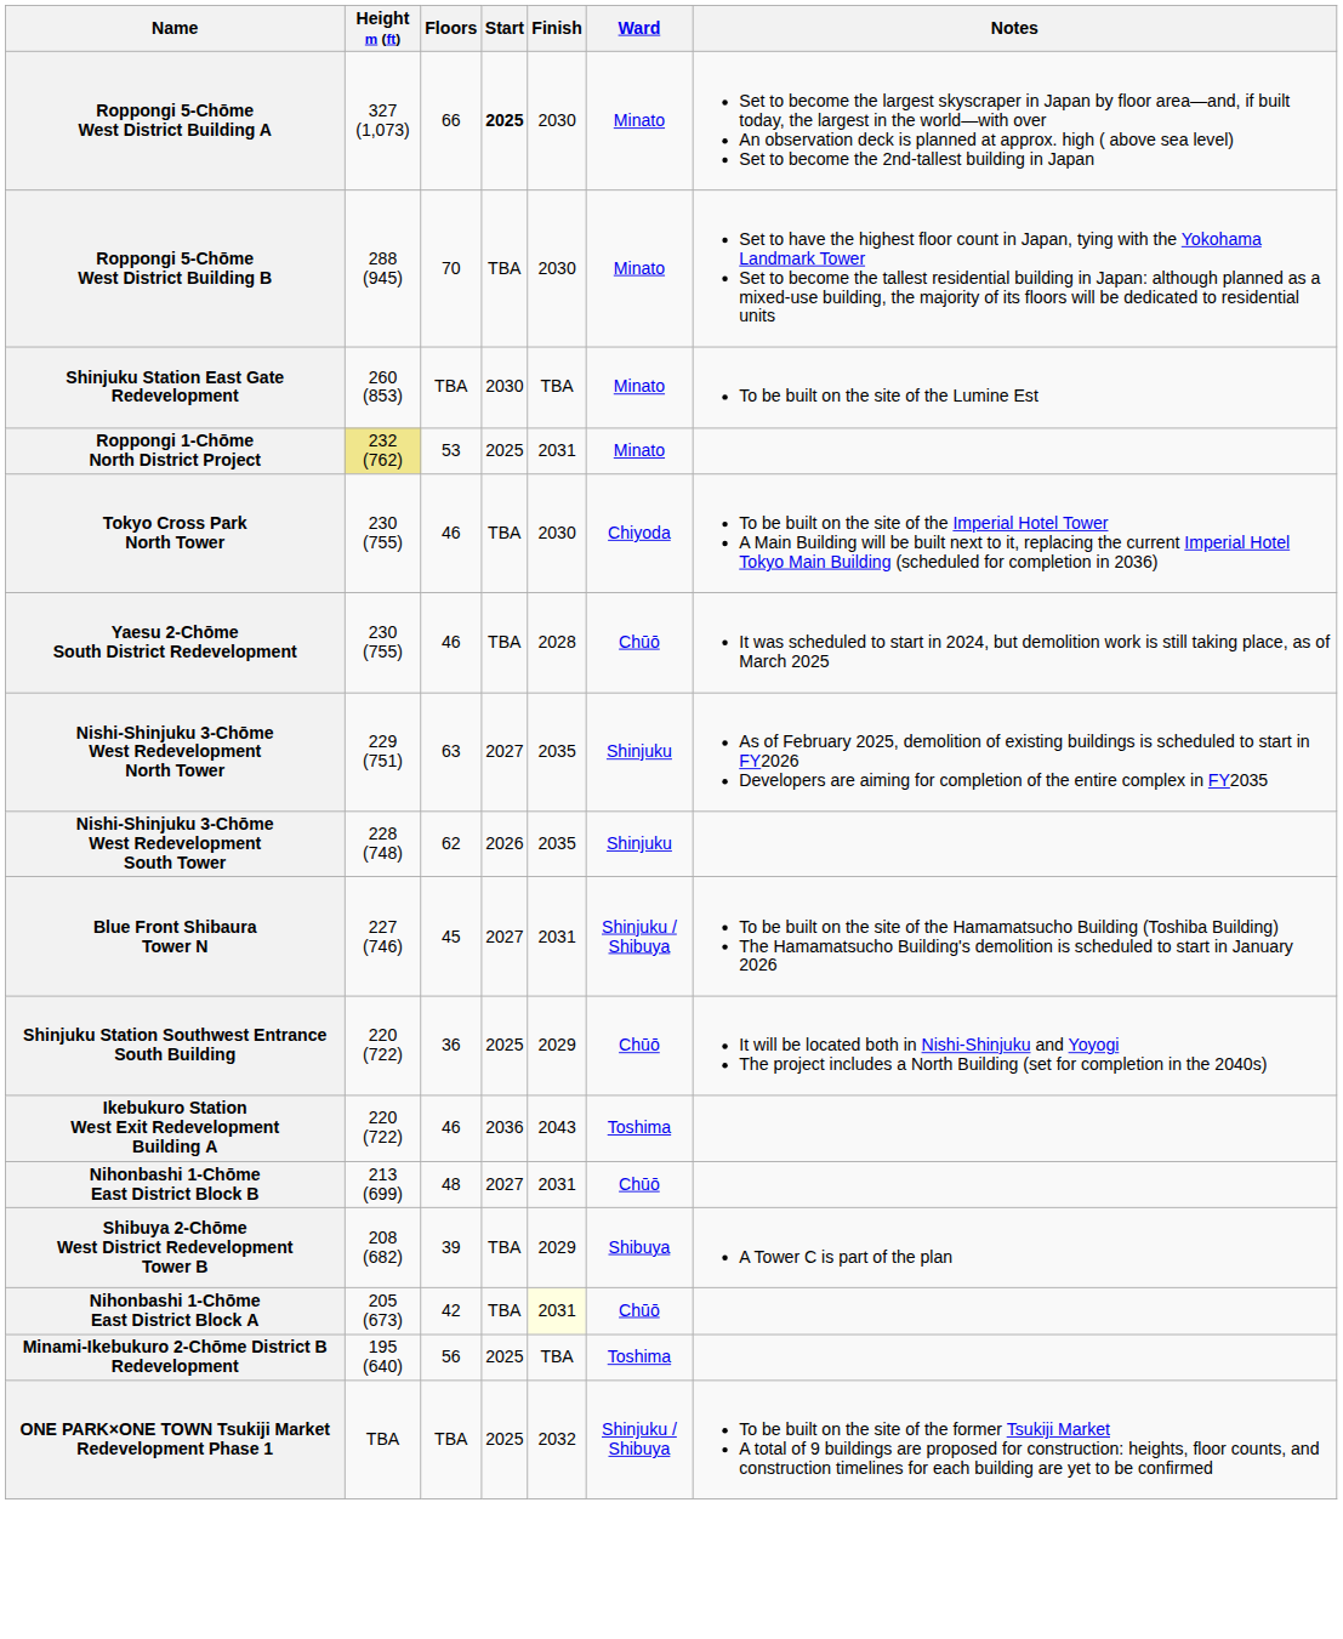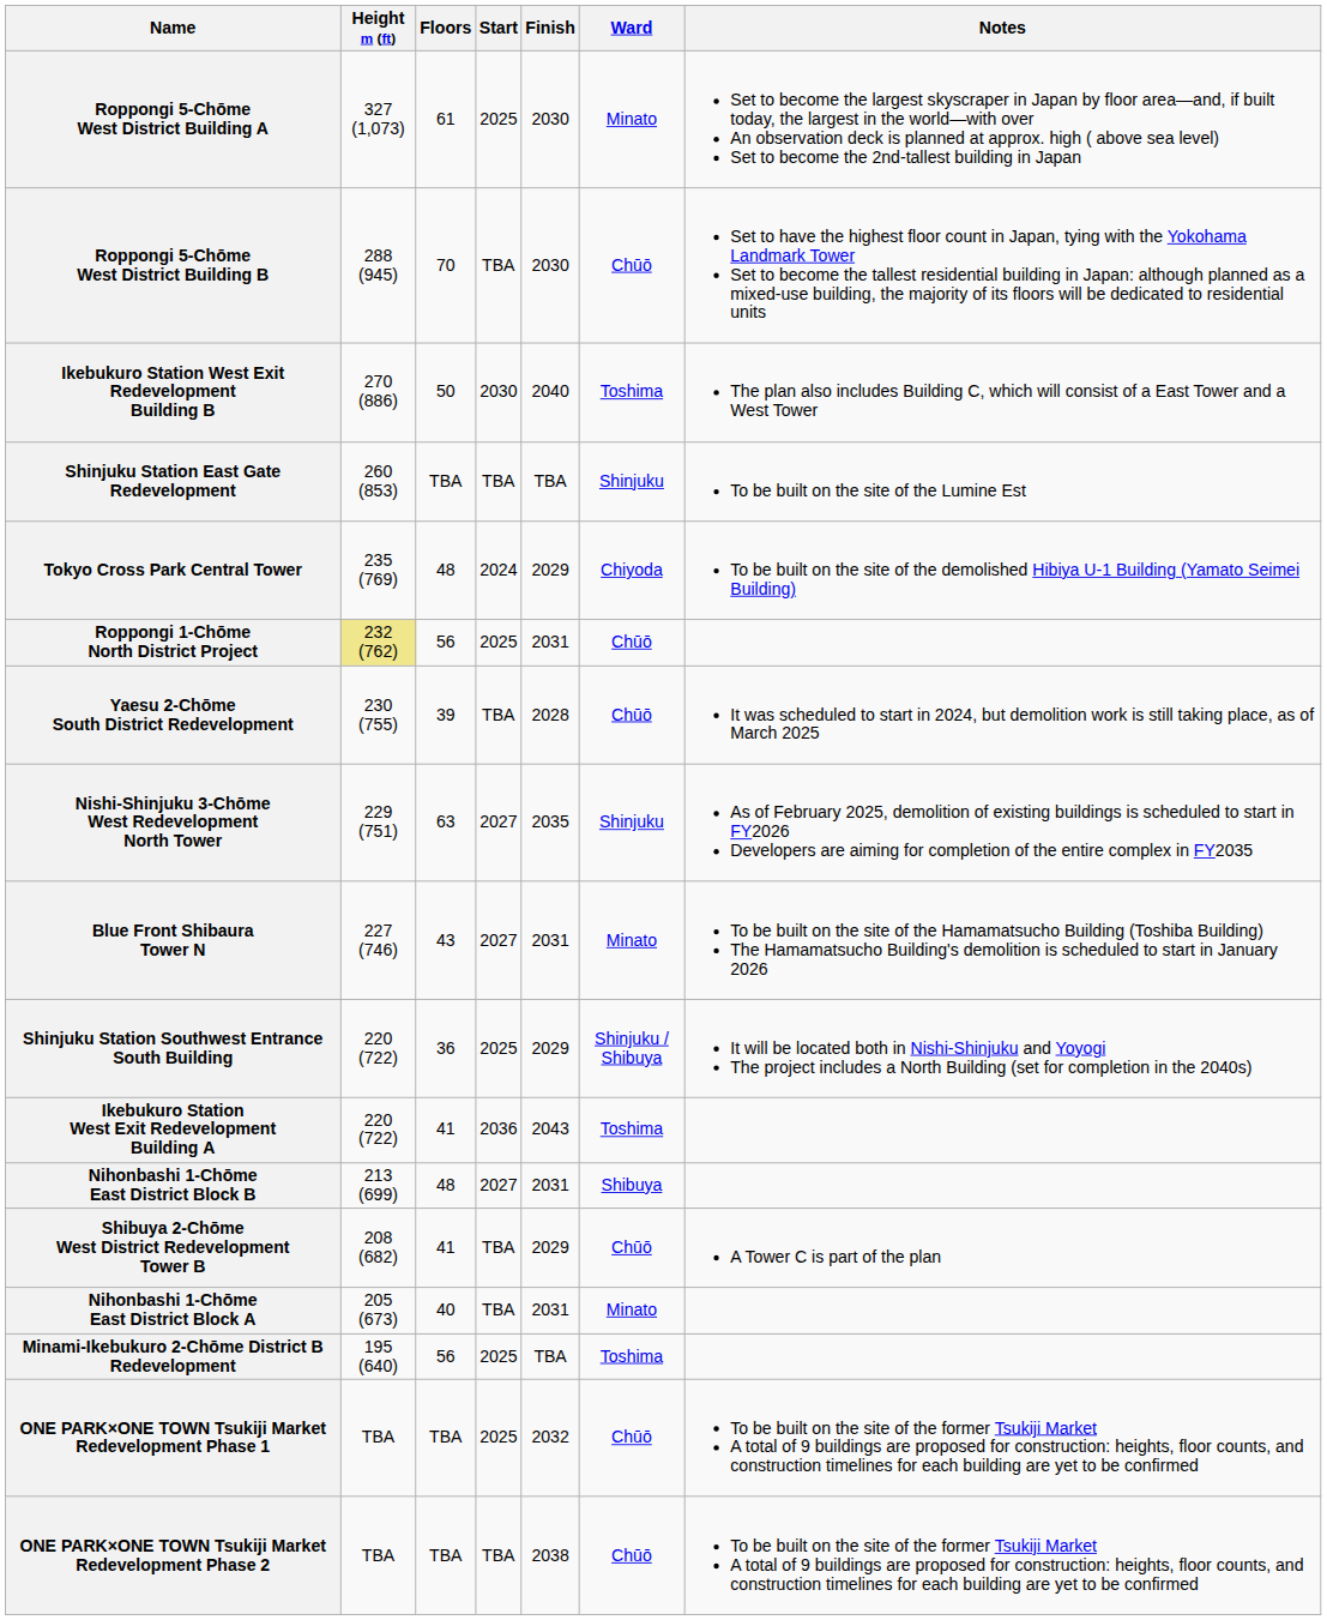 <table class="wikitable sortable plainrowheaders">
 <tr>
 <th scope="col">Name</th>
 <th scope="col">Height<br><small><a href='#'>m</a> (<a href='#'>ft</a>)</small></th>
 <th scope="col">Floors</th>
 <th scope="col">Start</th>
 <th scope="col">Finish</th>
 <th scope="col"><a href='#'>Ward</a></th>
 <th scope="col" class="unsortable">Notes</th>
 </tr>
 <tr>
 <th scope="row" style="text-align:center">Roppongi 5-Chōme<br> West District Building A</th>
 <td style="text-align:center;">327 (1,073)</td>
-<td style="text-align:center;">66</td>
-<td style="text-align:center;"><strong>2025</strong></td>
+<td style="text-align:center;">61</td>
+<td style="text-align:center;">2025</td>
 <td style="text-align:center;">2030</td>
 <td style="text-align:center;" data-sort-value="Minato-1"><a href='#'>Minato</a><br></td>
 <td><br><ul><li>Set to become the largest skyscraper in Japan by floor area—and, if built today, the largest in the world—with over  </li><li>An observation deck is planned at approx.  high ( above sea level)</li><li>Set to become the 2nd-tallest building in Japan</li></ul></td>
 </tr>
 <tr>
 <th scope="row" style="text-align:center">Roppongi 5-Chōme<br>West District Building B</th>
 <td style="text-align:center;">288 (945)</td>
 <td style="text-align:center;">70</td>
 <td style="text-align:center;">TBA</td>
 <td style="text-align:center;">2030</td>
-<td style="text-align:center;" data-sort-value="Minato-2"><a href='#'>Minato</a><br></td>
+<td style="text-align:center;" data-sort-value="Chūō-3"><a href='#'>Chūō</a><br></td>
 <td><br><ul><li>Set to have the highest floor count in Japan, tying with the <a href='#'>Yokohama Landmark Tower</a></li><li>Set to become the tallest residential building in Japan: although planned as a mixed-use building, the majority of its floors will be dedicated to residential units</li></ul></td>
+</tr>
+<tr>
+<th scope="row" style="text-align:center">Ikebukuro Station West Exit Redevelopment<br>Building B</th>
+<td style="text-align:center;">270 (886)</td>
+<td style="text-align:center;">50</td>
+<td style="text-align:center;">2030</td>
+<td style="text-align:center;">2040</td>
+<td style="text-align:center;" data-sort-value="Toshima-1"><a href='#'>Toshima</a><br></td>
+<td><br><ul><li>The plan also includes Building C, which will consist of a  East Tower and a  West Tower</li></ul></td>
 </tr>
 <tr>
 <th scope="row" style="text-align:center">Shinjuku Station East Gate Redevelopment</th>
 <td style="text-align:center;">260 (853)</td>
 <td style="text-align:center;">TBA</td>
-<td style="text-align:center;">2030</td>
 <td style="text-align:center;">TBA</td>
-<td style="text-align:center;" data-sort-value="Minato-1"><a href='#'>Minato</a><br></td>
+<td style="text-align:center;">TBA</td>
+<td style="text-align:center;" data-sort-value="Shinjuku-1"><a href='#'>Shinjuku</a><br></td>
 <td><br><ul><li>To be built on the site of the Lumine Est</li></ul></td>
+</tr>
+<tr>
+<th scope="row" style="text-align:center">Tokyo Cross Park Central Tower</th>
+<td align="center">235 (769)</td>
+<td align="center">48</td>
+<td align="center">2024</td>
+<td align="center">2029</td>
+<td align="center" data-sort-value="Chiyoda-1"><a href='#'>Chiyoda</a><br></td>
+<td><br><ul><li>To be built on the site of the demolished  <a href='#'>Hibiya U-1 Building (Yamato Seimei Building)</a></li></ul></td>
 </tr>
 <tr>
 <th scope="row" style="text-align:center">Roppongi 1-Chōme<br> North District Project</th>
 <td style="background: khaki; text-align:center;">232 (762)</td>
-<td style="text-align:center;">53</td>
+<td style="text-align:center;">56</td>
 <td style="text-align:center;">2025</td>
 <td style="text-align:center;">2031</td>
-<td style="text-align:center;" data-sort-value="Minato-3"><a href='#'>Minato</a><br></td>
+<td style="text-align:center;" data-sort-value="Chūō-3"><a href='#'>Chūō</a><br></td>
 <td></td>
-</tr>
-<tr>
-<th scope="row" style="text-align:center">Tokyo Cross Park<br> North Tower</th>
-<td style="text-align:center;">230 (755)</td>
-<td style="text-align:center;">46</td>
-<td style="text-align:center;">TBA</td>
-<td style="text-align:center;">2030</td>
-<td style="text-align:center;" data-sort-value="Chiyoda-2"><a href='#'>Chiyoda</a><br></td>
-<td><br><ul><li>To be built on the site of the  <a href='#'>Imperial Hotel Tower</a></li><li>A  Main Building will be built next to it, replacing the current  <a href='#'>Imperial Hotel Tokyo Main Building</a> (scheduled for completion in 2036)</li></ul></td>
 </tr>
 <tr>
 <th scope="row" style="text-align:center">Yaesu 2-Chōme<br> South District Redevelopment</th>
 <td style="text-align:center;">230 (755)</td>
-<td style="text-align:center;">46</td>
+<td style="text-align:center;">39</td>
 <td style="text-align:center;">TBA</td>
 <td style="text-align:center;">2028</td>
 <td style="text-align:center;" data-sort-value="Chūō-1"><a href='#'>Chūō</a><br></td>
 <td><br><ul><li>It was scheduled to start in 2024, but demolition work is still taking place, as of March 2025</li></ul></td>
 </tr>
 <tr>
 <th scope="row" style="text-align:center">Nishi-Shinjuku 3-Chōme<br> West Redevelopment<br>North Tower</th>
 <td style="text-align:center;">229 (751)</td>
 <td style="text-align:center;">63</td>
 <td style="text-align:center;">2027</td>
 <td style="text-align:center;">2035</td>
 <td style="text-align:center;" data-sort-value="Shinjuku-2"><a href='#'>Shinjuku</a><br></td>
 <td><br><ul><li>As of February 2025, demolition of existing buildings is scheduled to start in <a href='#'>FY</a>2026</li><li>Developers are aiming for completion of the entire complex in <a href='#'>FY</a>2035</li></ul></td>
 </tr>
 <tr>
-<th scope="row" style="text-align:center">Nishi-Shinjuku 3-Chōme<br>West Redevelopment<br>South Tower</th>
-<td style="text-align:center;">228 (748)</td>
-<td style="text-align:center;">62</td>
-<td style="text-align:center;">2026</td>
-<td style="text-align:center;">2035</td>
-<td style="text-align:center;" data-sort-value="Shinjuku-3"><a href='#'>Shinjuku</a><br></td>
-<td></td>
-</tr>
-<tr>
 <th scope="row" style="text-align:center">Blue Front Shibaura<br> Tower N</th>
 <td style="text-align:center;">227 (746)</td>
-<td style="text-align:center;">45</td>
+<td style="text-align:center;">43</td>
 <td style="text-align:center;">2027</td>
 <td style="text-align:center;">2031</td>
-<td style="text-align:center;" data-sort-value="Shinjuku-4"><a href='#'>Shinjuku /</a> <a href='#'>Shibuya</a><br></td>
+<td style="text-align:center;" data-sort-value="Minato-4"><a href='#'>Minato</a><br></td>
 <td><br><ul><li>To be built on the site of the  Hamamatsucho Building (Toshiba Building)</li><li>The Hamamatsucho Building's demolition is scheduled to start in January 2026</li></ul></td>
 </tr>
 <tr>
 <th scope="row" style="text-align:center">Shinjuku Station Southwest Entrance South Building</th>
 <td style="text-align:center;">220 (722)</td>
 <td style="text-align:center;">36</td>
 <td style="text-align:center;">2025</td>
 <td style="text-align:center;">2029</td>
-<td style="text-align:center;" data-sort-value="Chūō-4"><a href='#'>Chūō</a><br></td>
+<td style="text-align:center;" data-sort-value="Shinjuku-4"><a href='#'>Shinjuku /</a> <a href='#'>Shibuya</a><br></td>
 <td><br><ul><li>It will be located both in <a href='#'>Nishi-Shinjuku</a> and <a href='#'>Yoyogi</a></li><li>The project includes a  North Building (set for completion in the 2040s)</li></ul></td>
 </tr>
 <tr>
 <th scope="row" style="text-align:center">Ikebukuro Station<br> West Exit Redevelopment<br> Building A</th>
 <td style="text-align:center;">220 (722)</td>
-<td style="text-align:center;">46</td>
+<td style="text-align:center;">41</td>
 <td style="text-align:center;">2036</td>
 <td style="text-align:center;">2043</td>
 <td style="text-align:center;" data-sort-value="Toshima-2"><a href='#'>Toshima</a><br></td>
 <td></td>
 </tr>
 <tr>
 <th scope="row" style="text-align:center">Nihonbashi 1-Chōme<br> East District Block B</th>
 <td style="text-align:center;">213 (699)</td>
 <td style="text-align:center;">48</td>
 <td style="text-align:center;">2027</td>
 <td style="text-align:center;">2031</td>
-<td style="text-align:center;" data-sort-value="Chūō-2"><a href='#'>Chūō</a><br></td>
+<td style="text-align:center;" data-sort-value="Shibuya-1"><a href='#'>Shibuya</a><br></td>
 <td></td>
 </tr>
 <tr>
 <th scope="row" style="text-align:center">Shibuya 2-Chōme<br> West District Redevelopment<br> Tower B</th>
 <td style="text-align:center;">208 (682)</td>
-<td style="text-align:center;">39</td>
+<td style="text-align:center;">41</td>
 <td style="text-align:center;">TBA</td>
 <td style="text-align:center;">2029</td>
-<td style="text-align:center;" data-sort-value="Shibuya-1"><a href='#'>Shibuya</a><br></td>
+<td style="text-align:center;" data-sort-value="Chūō-2"><a href='#'>Chūō</a><br></td>
 <td><br><ul><li>A  Tower C is part of the plan</li></ul></td>
 </tr>
 <tr>
 <th scope="row" style="text-align:center">Nihonbashi 1-Chōme<br> East District Block A</th>
 <td style="text-align:center;">205 (673)</td>
-<td style="text-align:center;">42</td>
+<td style="text-align:center;">40</td>
 <td style="text-align:center;">TBA</td>
-<td style="background: lightyellow; text-align:center;">2031</td>
-<td style="text-align:center;" data-sort-value="Chūō-3"><a href='#'>Chūō</a><br></td>
+<td style="text-align:center;">2031</td>
+<td style="text-align:center;" data-sort-value="Minato-2"><a href='#'>Minato</a><br></td>
 <td></td>
 </tr>
 <tr>
 <th scope="row" style="text-align:center">Minami-Ikebukuro 2-Chōme District B Redevelopment</th>
 <td style="text-align:center;">195 (640)</td>
 <td style="text-align:center;">56</td>
 <td style="text-align:center;">2025</td>
 <td style="text-align:center;">TBA</td>
 <td style="text-align:center;" data-sort-value="Toshima-3"><a href='#'>Toshima</a><br></td>
 <td></td>
 </tr>
 <tr>
 <th scope="row" style="text-align:center">ONE PARK×ONE TOWN Tsukiji Market Redevelopment Phase 1</th>
 <td style="text-align:center;">TBA</td>
 <td style="text-align:center;">TBA</td>
 <td style="text-align:center;">2025</td>
 <td style="text-align:center;">2032</td>
-<td style="text-align:center;" data-sort-value="Shinjuku-4"><a href='#'>Shinjuku /</a> <a href='#'>Shibuya</a><br></td>
+<td style="text-align:center;" data-sort-value="Chūō-4"><a href='#'>Chūō</a><br></td>
+<td><br><ul><li>To be built on the site of the former <a href='#'>Tsukiji Market</a></li><li>A total of 9 buildings are proposed for construction: heights, floor counts, and construction timelines for each building are yet to be confirmed</li></ul></td>
+</tr>
+<tr>
+<th scope="row" style="text-align:center">ONE PARK×ONE TOWN Tsukiji Market Redevelopment Phase 2</th>
+<td style="text-align:center;">TBA</td>
+<td style="text-align:center;">TBA</td>
+<td style="text-align:center;">TBA</td>
+<td style="text-align:center;">2038</td>
+<td style="text-align:center;" data-sort-value="Chūō-5"><a href='#'>Chūō</a><br></td>
 <td><br><ul><li>To be built on the site of the former <a href='#'>Tsukiji Market</a></li><li>A total of 9 buildings are proposed for construction: heights, floor counts, and construction timelines for each building are yet to be confirmed</li></ul></td>
 </tr>
 </table>
